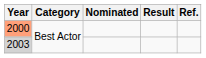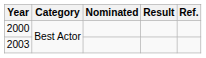 <table class="wikitable">
 <tr>
 <th>Year</th>
 <th>Category</th>
 <th>Nominated</th>
 <th>Result</th>
 <th>Ref.</th>
 </tr>
 <tr>
-<td style="background: lightsalmon;">2000</td>
+<td>2000</td>
 <td rowspan=2>Best Actor</td>
 <td></td>
 <td></td>
 <td></td>
 </tr>
 <tr>
-<td style="background: lightgrey;">2003</td>
+<td>2003</td>
 <td></td>
 <td></td>
 <td></td>
 </tr>
 </table>
